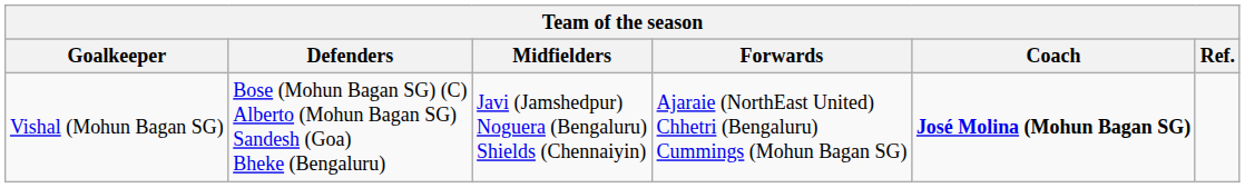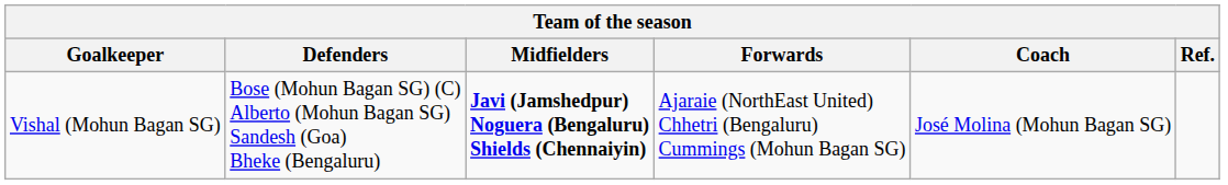 <table class="wikitable collapsible" style="text-align: left; font-size:small;">
 <tr>
 <th colspan="6">Team of the season</th>
 </tr>
 <tr>
 <th>Goalkeeper</th>
 <th>Defenders</th>
 <th>Midfielders</th>
 <th>Forwards</th>
 <th>Coach</th>
 <th>Ref.</th>
 </tr>
 <tr>
 <td> <a href='#'>Vishal</a> (Mohun Bagan SG)</td>
 <td> <a href='#'>Bose</a> (Mohun Bagan SG) (C)<br> <a href='#'>Alberto</a> (Mohun Bagan SG)<br> <a href='#'>Sandesh</a> (Goa)<br> <a href='#'>Bheke</a> (Bengaluru)</td>
-<td> <a href='#'>Javi</a> (Jamshedpur)<br> <a href='#'>Noguera</a> (Bengaluru)<br> <a href='#'>Shields</a> (Chennaiyin)</td>
+<td><strong> <a href='#'>Javi</a> (Jamshedpur)<br> <a href='#'>Noguera</a> (Bengaluru)<br> <a href='#'>Shields</a> (Chennaiyin)</strong></td>
 <td> <a href='#'>Ajaraie</a> (NorthEast United)<br> <a href='#'>Chhetri</a> (Bengaluru)<br> <a href='#'>Cummings</a> (Mohun Bagan SG)</td>
-<td><strong> <a href='#'>José Molina</a> (Mohun Bagan SG)</strong></td>
+<td> <a href='#'>José Molina</a> (Mohun Bagan SG)</td>
 <td></td>
 </tr>
 </table>
